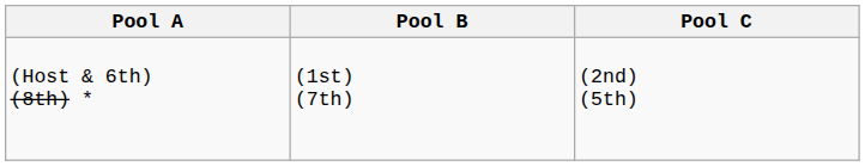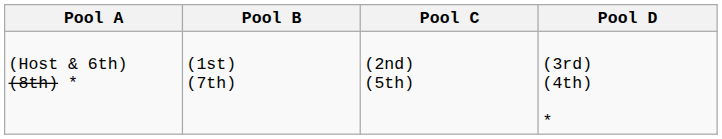 <table class="wikitable" width=90%>
 <tr>
 <th width=25%>Pool A</th>
 <th width=25%>Pool B</th>
 <th width=25%>Pool C</th>
+<th width=25%>Pool D</th>
 </tr>
 <tr>
 <td valign=top><br> (Host & 6th)<br> <s> (8th)</s> * <br>  <br> <br> </td>
 <td valign=top><br> (1st)<br>  (7th) <br> <br> </td>
 <td valign=top><br> (2nd)<br>  (5th) <br> <br> </td>
+<td valign=top><br> (3rd)<br>  (4th) <br> <br> <s></s> *</td>
 </tr>
 </table>
